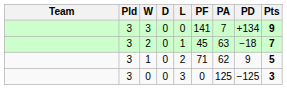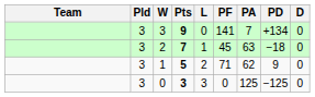 <table class="wikitable" style="text-align:center;">
 <tr>
 <th width=175>Team</th>
 <th width=20 abbr="Played">Pld</th>
 <th width=20 abbr="Won">W</th>
-<th width=20 abbr="Drawn">D</th>
+<th width=20 abbr="Points">Pts</th>
 <th width=20 abbr="Lost">L</th>
 <th width=20 abbr="Points for">PF</th>
 <th width=20 abbr="Points against">PA</th>
 <th width=25 abbr="Points difference">PD</th>
-<th width=20 abbr="Points">Pts</th>
+<th width=20 abbr="Drawn">D</th>
 </tr>
 <tr style="background:#ccffcc">
 <td align=left></td>
 <td>3</td>
 <td>3</td>
-<td>0</td>
+<td><strong>9</strong></td>
 <td>0</td>
 <td>141</td>
 <td>7</td>
 <td>+134</td>
-<td><strong>9</strong></td>
+<td>0</td>
 </tr>
 <tr style="background:#ccffcc">
 <td align=left></td>
 <td>3</td>
 <td>2</td>
-<td>0</td>
+<td><strong>7</strong></td>
 <td>1</td>
 <td>45</td>
 <td>63</td>
 <td>−18</td>
-<td><strong>7</strong></td>
+<td>0</td>
 </tr>
 <tr>
 <td align=left></td>
 <td>3</td>
 <td>1</td>
-<td>0</td>
+<td><strong>5</strong></td>
 <td>2</td>
 <td>71</td>
 <td>62</td>
 <td>9</td>
-<td><strong>5</strong></td>
+<td>0</td>
 </tr>
 <tr>
 <td align=left></td>
 <td>3</td>
 <td>0</td>
-<td>0</td>
+<td><strong>3</strong></td>
 <td>3</td>
 <td>0</td>
 <td>125</td>
 <td>−125</td>
-<td><strong>3</strong></td>
+<td>0</td>
 </tr>
 </table>
